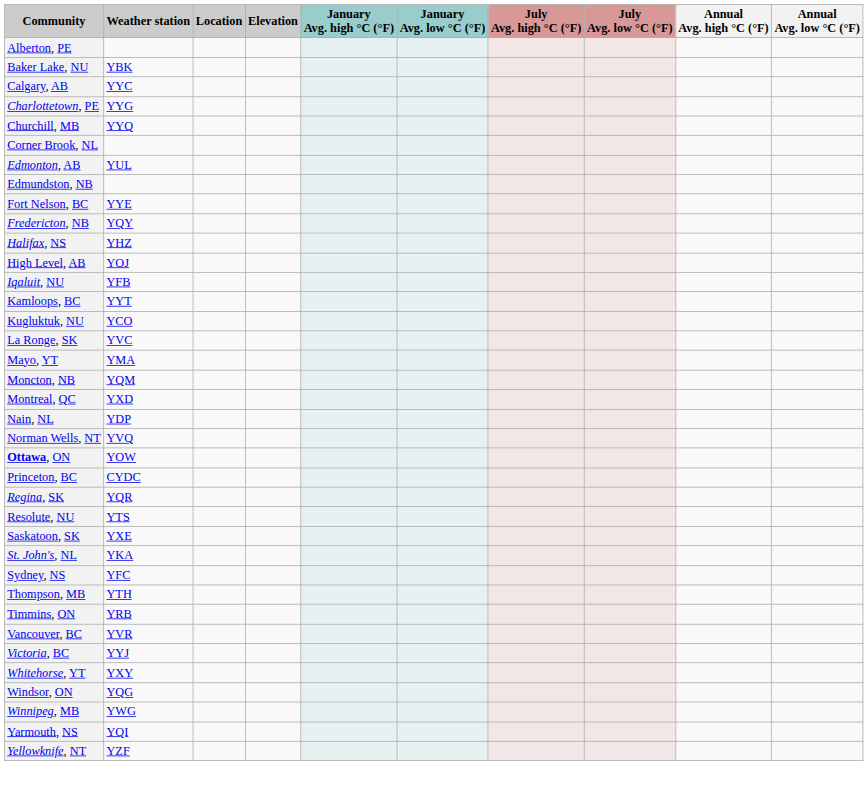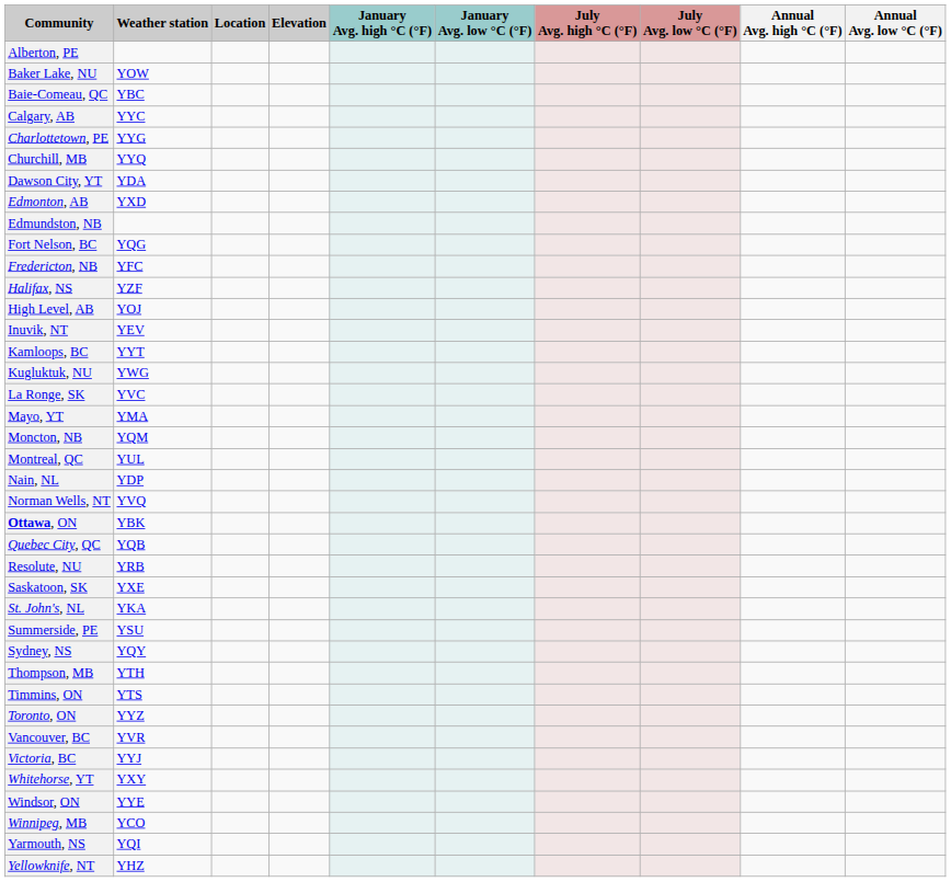 <table class="wikitable sortable" style="text−align:center">
 <tr>
 <th style="background:#ccc;">Community</th>
 <th style="background:#ccc;">Weather station</th>
 <th style="background:#ccc;">Location</th>
 <th style="background:#ccc;">Elevation</th>
 <th style="background:#9cc;">January<br><span>Avg. high °C (°F)</span></th>
 <th style="background:#9cc;">January<br><span>Avg. low °C (°F)</span></th>
 <th style="background: #D99898;">July<br><span>Avg. high °C (°F)</span></th>
 <th style="background: #D99898;">July<br><span>Avg. low °C (°F)</span></th>
 <th>Annual<br><span>Avg. high °C (°F)</span></th>
 <th>Annual<br><span>Avg. low °C (°F)</span></th>
 </tr>
 <tr>
 <td style="text−align:left; background: #F2F2F2;"><a href='#'>Alberton</a>, <a href='#'>PE</a></td>
 <td> </td>
 <td></td>
 <td></td>
 <td style="background: #E6F2F2;"></td>
 <td style="background: #E6F2F2;"></td>
 <td style="background: #F2E6E6;"></td>
 <td style="background: #F2E6E6;"></td>
 <td></td>
 <td></td>
 </tr>
 <tr>
 <td style="text−align:left; background: #F2F2F2;"><a href='#'>Baker Lake</a>, <a href='#'>NU</a></td>
-<td><a href='#'>YBK</a></td>
+<td><a href='#'>YOW</a></td>
+<td></td>
+<td></td>
+<td style="background: #E6F2F2;"></td>
+<td style="background: #E6F2F2;"></td>
+<td style="background: #F2E6E6;"></td>
+<td style="background: #F2E6E6;"></td>
+<td></td>
+<td></td>
+</tr>
+<tr>
+<td style="text−align:left; background: #F2F2F2;"><a href='#'>Baie-Comeau</a>, <a href='#'>QC</a></td>
+<td><a href='#'>YBC</a></td>
 <td></td>
 <td></td>
 <td style="background: #E6F2F2;"></td>
 <td style="background: #E6F2F2;"></td>
 <td style="background: #F2E6E6;"></td>
 <td style="background: #F2E6E6;"></td>
 <td></td>
 <td></td>
 </tr>
 <tr>
 <td style="text−align:left; background: #F2F2F2;"><a href='#'>Calgary</a>, <a href='#'>AB</a></td>
 <td><a href='#'>YYC</a></td>
 <td></td>
 <td></td>
 <td style="background: #E6F2F2;"></td>
 <td style="background: #E6F2F2;"></td>
 <td style="background: #F2E6E6;"></td>
 <td style="background: #F2E6E6;"></td>
 <td></td>
 <td></td>
 </tr>
 <tr>
 <td style="text−align:left; background: #F2F2F2;"><em><a href='#'>Charlottetown</a></em>, <a href='#'>PE</a></td>
 <td><a href='#'>YYG</a></td>
 <td></td>
 <td></td>
 <td style="background: #E6F2F2;"></td>
 <td style="background: #E6F2F2;"></td>
 <td style="background: #F2E6E6;"></td>
 <td style="background: #F2E6E6;"></td>
 <td></td>
 <td></td>
 </tr>
 <tr>
 <td style="text−align:left; background: #F2F2F2;"><a href='#'>Churchill</a>, <a href='#'>MB</a></td>
 <td><a href='#'>YYQ</a></td>
 <td></td>
 <td></td>
 <td style="background: #E6F2F2;"></td>
 <td style="background: #E6F2F2;"></td>
 <td style="background: #F2E6E6;"></td>
 <td style="background: #F2E6E6;"></td>
 <td></td>
 <td></td>
 </tr>
 <tr>
-<td style="text−align:left; background: #F2F2F2;"><a href='#'>Corner Brook</a>, <a href='#'>NL</a></td>
-<td> </td>
+<td style="text−align:left; background: #F2F2F2;"><a href='#'>Dawson City</a>, <a href='#'>YT</a></td>
+<td><a href='#'>YDA</a></td>
 <td></td>
 <td></td>
 <td style="background: #E6F2F2;"></td>
 <td style="background: #E6F2F2;"></td>
 <td style="background: #F2E6E6;"></td>
 <td style="background: #F2E6E6;"></td>
 <td></td>
 <td></td>
 </tr>
 <tr>
 <td style="text−align:left; background: #F2F2F2;"><em><a href='#'>Edmonton</a></em>, <a href='#'>AB</a></td>
-<td><a href='#'>YUL</a></td>
+<td><a href='#'>YXD</a></td>
 <td></td>
 <td></td>
 <td style="background: #E6F2F2;"></td>
 <td style="background: #E6F2F2;"></td>
 <td style="background: #F2E6E6;"></td>
 <td style="background: #F2E6E6;"></td>
 <td></td>
 <td></td>
 </tr>
 <tr>
 <td style="text−align:left; background: #F2F2F2;"><a href='#'>Edmundston</a>, <a href='#'>NB</a></td>
 <td> </td>
 <td></td>
 <td></td>
 <td style="background: #E6F2F2;"></td>
 <td style="background: #E6F2F2;"></td>
 <td style="background: #F2E6E6;"></td>
 <td style="background: #F2E6E6;"></td>
 <td></td>
 <td></td>
 </tr>
 <tr>
 <td style="text−align:left; background: #F2F2F2;"><a href='#'>Fort Nelson</a>, <a href='#'>BC</a></td>
-<td><a href='#'>YYE</a></td>
+<td><a href='#'>YQG</a></td>
 <td></td>
 <td></td>
 <td style="background: #E6F2F2;"></td>
 <td style="background: #E6F2F2;"></td>
 <td style="background: #F2E6E6;"></td>
 <td style="background: #F2E6E6;"></td>
 <td></td>
 <td></td>
 </tr>
 <tr>
 <td style="text−align:left; background: #F2F2F2;"><em><a href='#'>Fredericton</a></em>, <a href='#'>NB</a></td>
-<td><a href='#'>YQY</a></td>
+<td><a href='#'>YFC</a></td>
 <td></td>
 <td></td>
 <td style="background: #E6F2F2;"></td>
 <td style="background: #E6F2F2;"></td>
 <td style="background: #F2E6E6;"></td>
 <td style="background: #F2E6E6;"></td>
 <td></td>
 <td></td>
 </tr>
 <tr>
 <td style="text−align:left; background: #F2F2F2;"><em><a href='#'>Halifax</a></em>, <a href='#'>NS</a></td>
-<td><a href='#'>YHZ</a></td>
+<td><a href='#'>YZF</a></td>
 <td></td>
 <td></td>
 <td style="background: #E6F2F2;"></td>
 <td style="background: #E6F2F2;"></td>
 <td style="background: #F2E6E6;"></td>
 <td style="background: #F2E6E6;"></td>
 <td></td>
 <td></td>
 </tr>
 <tr>
 <td style="text−align:left; background: #F2F2F2;"><a href='#'>High Level</a>, <a href='#'>AB</a></td>
 <td><a href='#'>YOJ</a></td>
 <td></td>
 <td></td>
 <td style="background: #E6F2F2;"></td>
 <td style="background: #E6F2F2;"></td>
 <td style="background: #F2E6E6;"></td>
 <td style="background: #F2E6E6;"></td>
 <td></td>
 <td></td>
 </tr>
 <tr>
-<td style="text−align:left; background: #F2F2F2;"><em><a href='#'>Iqaluit</a></em>, <a href='#'>NU</a></td>
-<td><a href='#'>YFB</a></td>
+<td style="text−align:left; background: #F2F2F2;"><a href='#'>Inuvik</a>, <a href='#'>NT</a></td>
+<td><a href='#'>YEV</a></td>
 <td></td>
 <td></td>
 <td style="background: #E6F2F2;"></td>
 <td style="background: #E6F2F2;"></td>
 <td style="background: #F2E6E6;"></td>
 <td style="background: #F2E6E6;"></td>
 <td></td>
 <td></td>
 </tr>
 <tr>
 <td style="text−align:left; background: #F2F2F2;"><a href='#'>Kamloops</a>, <a href='#'>BC</a></td>
 <td><a href='#'>YYT</a></td>
 <td></td>
 <td></td>
 <td style="background: #E6F2F2;"></td>
 <td style="background: #E6F2F2;"></td>
 <td style="background: #F2E6E6;"></td>
 <td style="background: #F2E6E6;"></td>
 <td></td>
 <td></td>
 </tr>
 <tr>
 <td style="text−align:left; background: #F2F2F2;"><a href='#'>Kugluktuk</a>, <a href='#'>NU</a></td>
-<td><a href='#'>YCO</a></td>
+<td><a href='#'>YWG</a></td>
 <td></td>
 <td></td>
 <td style="background: #E6F2F2;"></td>
 <td style="background: #E6F2F2;"></td>
 <td style="background: #F2E6E6;"></td>
 <td style="background: #F2E6E6;"></td>
 <td></td>
 <td></td>
 </tr>
 <tr>
 <td style="text−align:left; background: #F2F2F2;"><a href='#'>La Ronge</a>, <a href='#'>SK</a></td>
 <td><a href='#'>YVC</a></td>
 <td></td>
 <td></td>
 <td style="background: #E6F2F2;"></td>
 <td style="background: #E6F2F2;"></td>
 <td style="background: #F2E6E6;"></td>
 <td style="background: #F2E6E6;"></td>
 <td></td>
 <td></td>
 </tr>
 <tr>
 <td style="text−align:left; background: #F2F2F2;"><a href='#'>Mayo</a>, <a href='#'>YT</a></td>
 <td><a href='#'>YMA</a></td>
 <td></td>
 <td></td>
 <td style="background: #E6F2F2;"></td>
 <td style="background: #E6F2F2;"></td>
 <td style="background: #F2E6E6;"></td>
 <td style="background: #F2E6E6;"></td>
 <td></td>
 <td></td>
 </tr>
 <tr>
 <td style="text−align:left; background: #F2F2F2;"><a href='#'>Moncton</a>, <a href='#'>NB</a></td>
 <td><a href='#'>YQM</a></td>
 <td></td>
 <td></td>
 <td style="background: #E6F2F2;"></td>
 <td style="background: #E6F2F2;"></td>
 <td style="background: #F2E6E6;"></td>
 <td style="background: #F2E6E6;"></td>
 <td></td>
 <td></td>
 </tr>
 <tr>
 <td style="text−align:left; background: #F2F2F2;"><a href='#'>Montreal</a>, <a href='#'>QC</a></td>
-<td><a href='#'>YXD</a></td>
+<td><a href='#'>YUL</a></td>
 <td></td>
 <td></td>
 <td style="background: #E6F2F2;"></td>
 <td style="background: #E6F2F2;"></td>
 <td style="background: #F2E6E6;"></td>
 <td style="background: #F2E6E6;"></td>
 <td></td>
 <td></td>
 </tr>
 <tr>
 <td style="text−align:left; background: #F2F2F2;"><a href='#'>Nain</a>, <a href='#'>NL</a></td>
 <td><a href='#'>YDP</a></td>
 <td></td>
 <td></td>
 <td style="background: #E6F2F2;"></td>
 <td style="background: #E6F2F2;"></td>
 <td style="background: #F2E6E6;"></td>
 <td style="background: #F2E6E6;"></td>
 <td></td>
 <td></td>
 </tr>
 <tr>
 <td style="text−align:left; background: #F2F2F2;"><a href='#'>Norman Wells</a>, <a href='#'>NT</a></td>
 <td><a href='#'>YVQ</a></td>
 <td></td>
 <td></td>
 <td style="background: #E6F2F2;"></td>
 <td style="background: #E6F2F2;"></td>
 <td style="background: #F2E6E6;"></td>
 <td style="background: #F2E6E6;"></td>
 <td></td>
 <td></td>
 </tr>
 <tr>
 <td style="text−align:left; background: #F2F2F2;"><strong><a href='#'>Ottawa</a></strong>, <a href='#'>ON</a></td>
-<td><a href='#'>YOW</a></td>
+<td><a href='#'>YBK</a></td>
 <td></td>
 <td></td>
 <td style="background: #E6F2F2;"></td>
 <td style="background: #E6F2F2;"></td>
 <td style="background: #F2E6E6;"></td>
 <td style="background: #F2E6E6;"></td>
 <td></td>
 <td></td>
 </tr>
 <tr>
-<td style="text−align:left; background: #F2F2F2;"><a href='#'>Princeton</a>, <a href='#'>BC</a></td>
-<td><a href='#'>CYDC</a></td>
-<td></td>
-<td></td>
-<td style="background: #E6F2F2;"></td>
-<td style="background: #E6F2F2;"></td>
-<td style="background: #F2E6E6;"></td>
-<td style="background: #F2E6E6;"></td>
-<td></td>
-<td></td>
-</tr>
-<tr>
-<td style="text−align:left; background: #F2F2F2;"><em><a href='#'>Regina</a></em>, <a href='#'>SK</a></td>
-<td><a href='#'>YQR</a></td>
+<td style="text−align:left; background: #F2F2F2;"><em><a href='#'>Quebec City</a></em>, <a href='#'>QC</a></td>
+<td><a href='#'>YQB</a></td>
 <td></td>
 <td></td>
 <td style="background: #E6F2F2;"></td>
 <td style="background: #E6F2F2;"></td>
 <td style="background: #F2E6E6;"></td>
 <td style="background: #F2E6E6;"></td>
 <td></td>
 <td></td>
 </tr>
 <tr>
 <td style="text−align:left; background: #F2F2F2;"><a href='#'>Resolute</a>, <a href='#'>NU</a></td>
-<td><a href='#'>YTS</a></td>
+<td><a href='#'>YRB</a></td>
 <td></td>
 <td></td>
 <td style="background: #E6F2F2;"></td>
 <td style="background: #E6F2F2;"></td>
 <td style="background: #F2E6E6;"></td>
 <td style="background: #F2E6E6;"></td>
 <td></td>
 <td></td>
 </tr>
 <tr>
 <td style="text−align:left; background: #F2F2F2;"><a href='#'>Saskatoon</a>, <a href='#'>SK</a></td>
 <td><a href='#'>YXE</a></td>
 <td></td>
 <td></td>
 <td style="background: #E6F2F2;"></td>
 <td style="background: #E6F2F2;"></td>
 <td style="background: #F2E6E6;"></td>
 <td style="background: #F2E6E6;"></td>
 <td></td>
 <td></td>
 </tr>
 <tr>
 <td style="text−align:left; background: #F2F2F2;"><em><a href='#'>St. John's</a></em>, <a href='#'>NL</a></td>
 <td><a href='#'>YKA</a></td>
 <td></td>
 <td></td>
 <td style="background: #E6F2F2;"></td>
 <td style="background: #E6F2F2;"></td>
 <td style="background: #F2E6E6;"></td>
 <td style="background: #F2E6E6;"></td>
 <td></td>
 <td></td>
 </tr>
 <tr>
+<td style="text−align:left; background: #F2F2F2;"><a href='#'>Summerside</a>, <a href='#'>PE</a></td>
+<td><a href='#'>YSU</a></td>
+<td></td>
+<td></td>
+<td style="background: #E6F2F2;"></td>
+<td style="background: #E6F2F2;"></td>
+<td style="background: #F2E6E6;"></td>
+<td style="background: #F2E6E6;"></td>
+<td></td>
+<td></td>
+</tr>
+<tr>
 <td style="text−align:left; background: #F2F2F2;"><a href='#'>Sydney</a>, <a href='#'>NS</a></td>
-<td><a href='#'>YFC</a></td>
+<td><a href='#'>YQY</a></td>
 <td></td>
 <td></td>
 <td style="background: #E6F2F2;"></td>
 <td style="background: #E6F2F2;"></td>
 <td style="background: #F2E6E6;"></td>
 <td style="background: #F2E6E6;"></td>
 <td></td>
 <td></td>
 </tr>
 <tr>
 <td style="text−align:left; background: #F2F2F2;"><a href='#'>Thompson</a>, <a href='#'>MB</a></td>
 <td><a href='#'>YTH</a></td>
 <td></td>
 <td></td>
 <td style="background: #E6F2F2;"></td>
 <td style="background: #E6F2F2;"></td>
 <td style="background: #F2E6E6;"></td>
 <td style="background: #F2E6E6;"></td>
 <td></td>
 <td></td>
 </tr>
 <tr>
 <td style="text−align:left; background: #F2F2F2;"><a href='#'>Timmins</a>, <a href='#'>ON</a></td>
-<td><a href='#'>YRB</a></td>
+<td><a href='#'>YTS</a></td>
+<td></td>
+<td></td>
+<td style="background: #E6F2F2;"></td>
+<td style="background: #E6F2F2;"></td>
+<td style="background: #F2E6E6;"></td>
+<td style="background: #F2E6E6;"></td>
+<td></td>
+<td></td>
+</tr>
+<tr>
+<td style="text−align:left; background: #F2F2F2;"><em><a href='#'>Toronto</a></em>, <a href='#'>ON</a></td>
+<td><a href='#'>YYZ</a></td>
 <td></td>
 <td></td>
 <td style="background: #E6F2F2;"></td>
 <td style="background: #E6F2F2;"></td>
 <td style="background: #F2E6E6;"></td>
 <td style="background: #F2E6E6;"></td>
 <td></td>
 <td></td>
 </tr>
 <tr>
 <td style="text−align:left; background: #F2F2F2;"><a href='#'>Vancouver</a>, <a href='#'>BC</a></td>
 <td><a href='#'>YVR</a></td>
 <td></td>
 <td></td>
 <td style="background: #E6F2F2;"></td>
 <td style="background: #E6F2F2;"></td>
 <td style="background: #F2E6E6;"></td>
 <td style="background: #F2E6E6;"></td>
 <td></td>
 <td></td>
 </tr>
 <tr>
 <td style="text−align:left; background: #F2F2F2;"><em><a href='#'>Victoria</a></em>, <a href='#'>BC</a></td>
 <td><a href='#'>YYJ</a></td>
 <td></td>
 <td></td>
 <td style="background: #E6F2F2;"></td>
 <td style="background: #E6F2F2;"></td>
 <td style="background: #F2E6E6;"></td>
 <td style="background: #F2E6E6;"></td>
 <td></td>
 <td></td>
 </tr>
 <tr>
 <td style="text−align:left; background: #F2F2F2;"><em><a href='#'>Whitehorse</a></em>, <a href='#'>YT</a></td>
 <td><a href='#'>YXY</a></td>
 <td></td>
 <td></td>
 <td style="background: #E6F2F2;"></td>
 <td style="background: #E6F2F2;"></td>
 <td style="background: #F2E6E6;"></td>
 <td style="background: #F2E6E6;"></td>
 <td></td>
 <td></td>
 </tr>
 <tr>
 <td style="text−align:left; background: #F2F2F2;"><a href='#'>Windsor</a>, <a href='#'>ON</a></td>
-<td><a href='#'>YQG</a></td>
+<td><a href='#'>YYE</a></td>
 <td></td>
 <td></td>
 <td style="background: #E6F2F2;"></td>
 <td style="background: #E6F2F2;"></td>
 <td style="background: #F2E6E6;"></td>
 <td style="background: #F2E6E6;"></td>
 <td></td>
 <td></td>
 </tr>
 <tr>
 <td style="text−align:left; background: #F2F2F2;"><em><a href='#'>Winnipeg</a></em>, <a href='#'>MB</a></td>
-<td><a href='#'>YWG</a></td>
+<td><a href='#'>YCO</a></td>
 <td></td>
 <td></td>
 <td style="background: #E6F2F2;"></td>
 <td style="background: #E6F2F2;"></td>
 <td style="background: #F2E6E6;"></td>
 <td style="background: #F2E6E6;"></td>
 <td></td>
 <td></td>
 </tr>
 <tr>
 <td style="text−align:left; background: #F2F2F2;"><a href='#'>Yarmouth</a>, <a href='#'>NS</a></td>
 <td><a href='#'>YQI</a></td>
 <td></td>
 <td></td>
 <td style="background: #E6F2F2;"></td>
 <td style="background: #E6F2F2;"></td>
 <td style="background: #F2E6E6;"></td>
 <td style="background: #F2E6E6;"></td>
 <td></td>
 <td></td>
 </tr>
 <tr>
 <td style="text−align:left; background: #F2F2F2;"><em><a href='#'>Yellowknife</a></em>, <a href='#'>NT</a></td>
-<td><a href='#'>YZF</a></td>
+<td><a href='#'>YHZ</a></td>
 <td></td>
 <td></td>
 <td style="background: #E6F2F2;"></td>
 <td style="background: #E6F2F2;"></td>
 <td style="background: #F2E6E6;"></td>
 <td style="background: #F2E6E6;"></td>
 <td></td>
 <td></td>
 </tr>
 </table>
